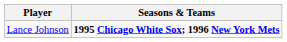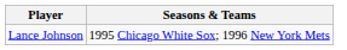 <table class="wikitable sortable">
 <tr>
 <th>Player</th>
 <th>Seasons & Teams</th>
 </tr>
 <tr>
 <td><a href='#'>Lance Johnson</a></td>
-<td><strong>1995 <a href='#'>Chicago White Sox</a>; 1996 <a href='#'>New York Mets</a></strong></td>
+<td>1995 <a href='#'>Chicago White Sox</a>; 1996 <a href='#'>New York Mets</a></td>
 </tr>
 </table>
